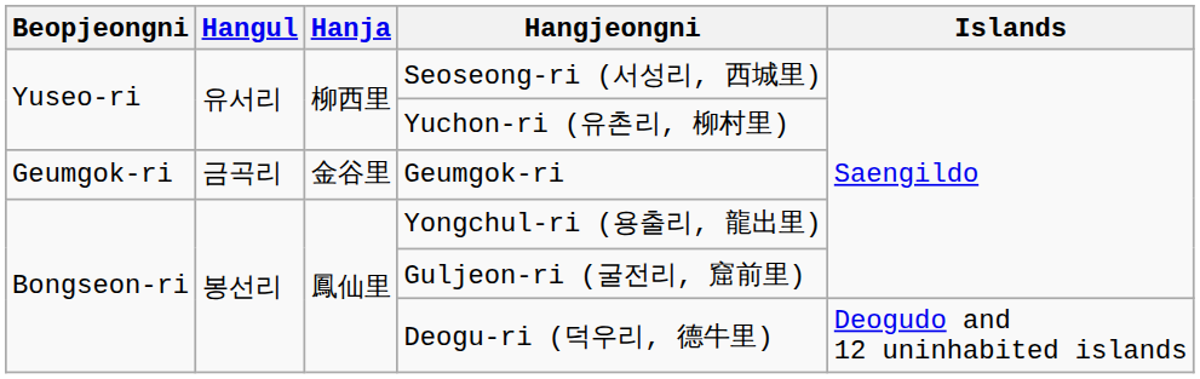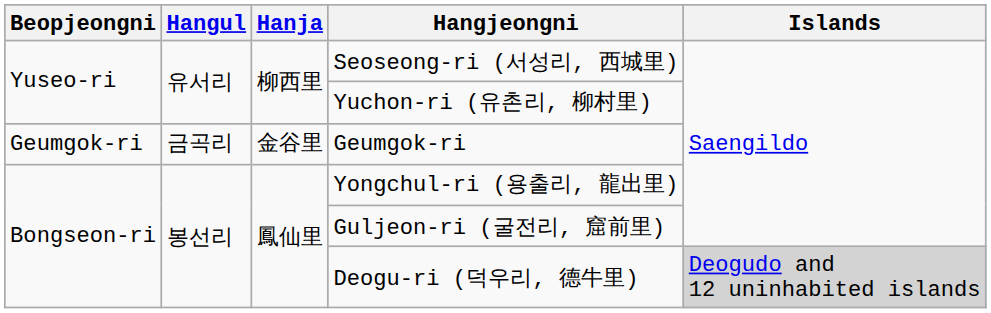 <table class="wikitable">
 <tr>
 <th>Beopjeongni</th>
 <th><a href='#'>Hangul</a></th>
 <th><a href='#'>Hanja</a></th>
 <th>Hangjeongni</th>
 <th>Islands</th>
 </tr>
 <tr>
 <td rowspan=2>Yuseo-ri</td>
 <td rowspan=2>유서리</td>
 <td rowspan=2>柳西里</td>
 <td>Seoseong-ri (서성리, 西城里)</td>
 <td rowspan=5><a href='#'>Saengildo</a></td>
 </tr>
 <tr>
 <td>Yuchon-ri (유촌리, 柳村里)</td>
 </tr>
 <tr>
 <td>Geumgok-ri</td>
 <td>금곡리</td>
 <td>金谷里</td>
 <td>Geumgok-ri</td>
 </tr>
 <tr>
 <td rowspan=3>Bongseon-ri</td>
 <td rowspan=3>봉선리</td>
 <td rowspan=3>鳳仙里</td>
 <td>Yongchul-ri (용출리, 龍出里)</td>
 </tr>
 <tr>
 <td>Guljeon-ri (굴전리, 窟前里)</td>
 </tr>
 <tr>
 <td>Deogu-ri (덕우리, 德牛里)</td>
-<td><a href='#'>Deogudo</a> and <br>12 uninhabited islands</td>
+<td style="background: lightgrey;"><a href='#'>Deogudo</a> and <br>12 uninhabited islands</td>
 </tr>
 </table>
